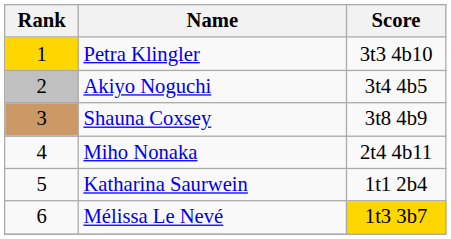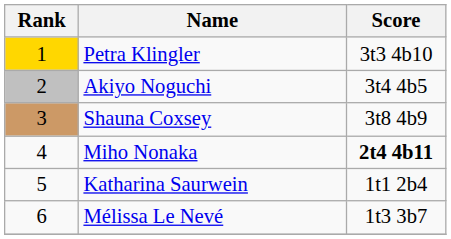 <table class="wikitable">
 <tr>
 <th width = "50">Rank</th>
 <th width = "200">Name</th>
 <th width = "70">Score</th>
 </tr>
 <tr>
 <td align="center" style="background: gold">1</td>
 <td> <a href='#'>Petra Klingler</a></td>
 <td align="center">3t3 4b10</td>
 </tr>
 <tr>
 <td align="center" style="background: silver">2</td>
 <td> <a href='#'>Akiyo Noguchi</a></td>
 <td align="center">3t4 4b5</td>
 </tr>
 <tr>
 <td align="center" style="background: #cc9966">3</td>
 <td> <a href='#'>Shauna Coxsey</a></td>
 <td align="center">3t8 4b9</td>
 </tr>
 <tr>
 <td align="center">4</td>
 <td> <a href='#'>Miho Nonaka</a></td>
-<td align="center">2t4 4b11</td>
+<td align="center"><strong>2t4 4b11</strong></td>
 </tr>
 <tr>
 <td align="center">5</td>
 <td> <a href='#'>Katharina Saurwein</a></td>
 <td align="center">1t1 2b4</td>
 </tr>
 <tr>
 <td align="center">6</td>
 <td> <a href='#'>Mélissa Le Nevé</a></td>
-<td align="center" style="background: gold;">1t3 3b7</td>
+<td align="center">1t3 3b7</td>
 </tr>
 <tr>
 </tr>
 </table>
